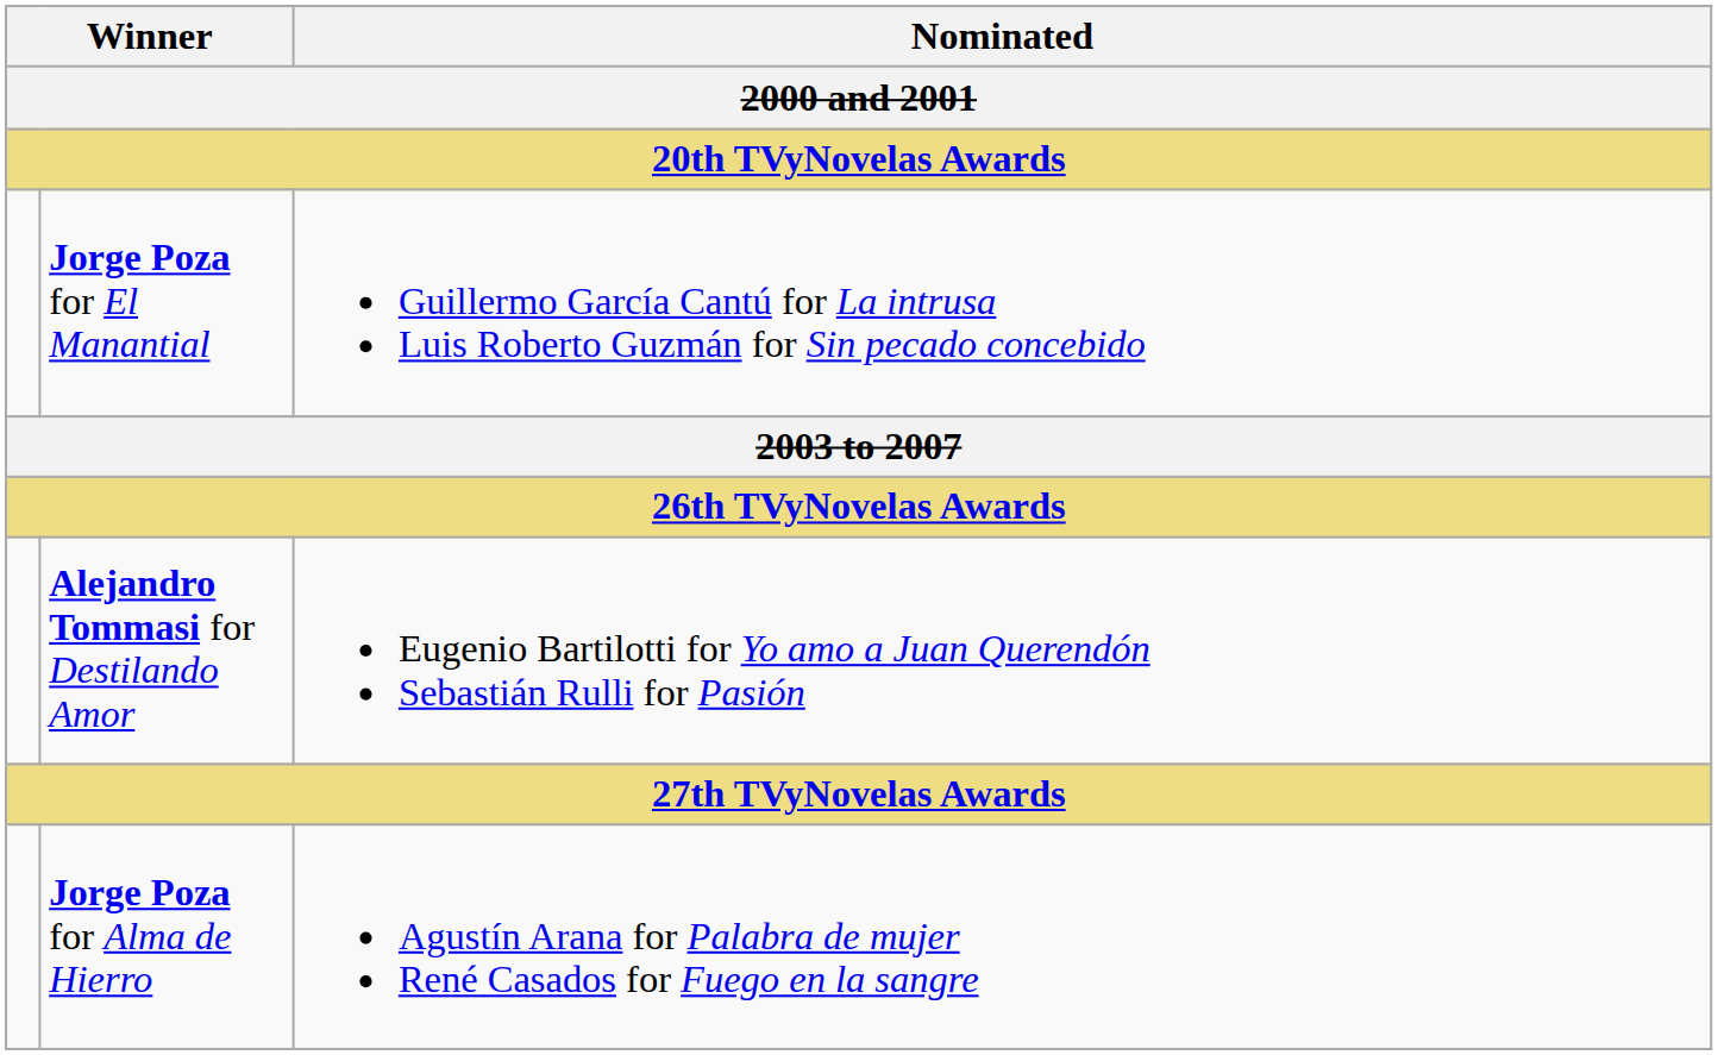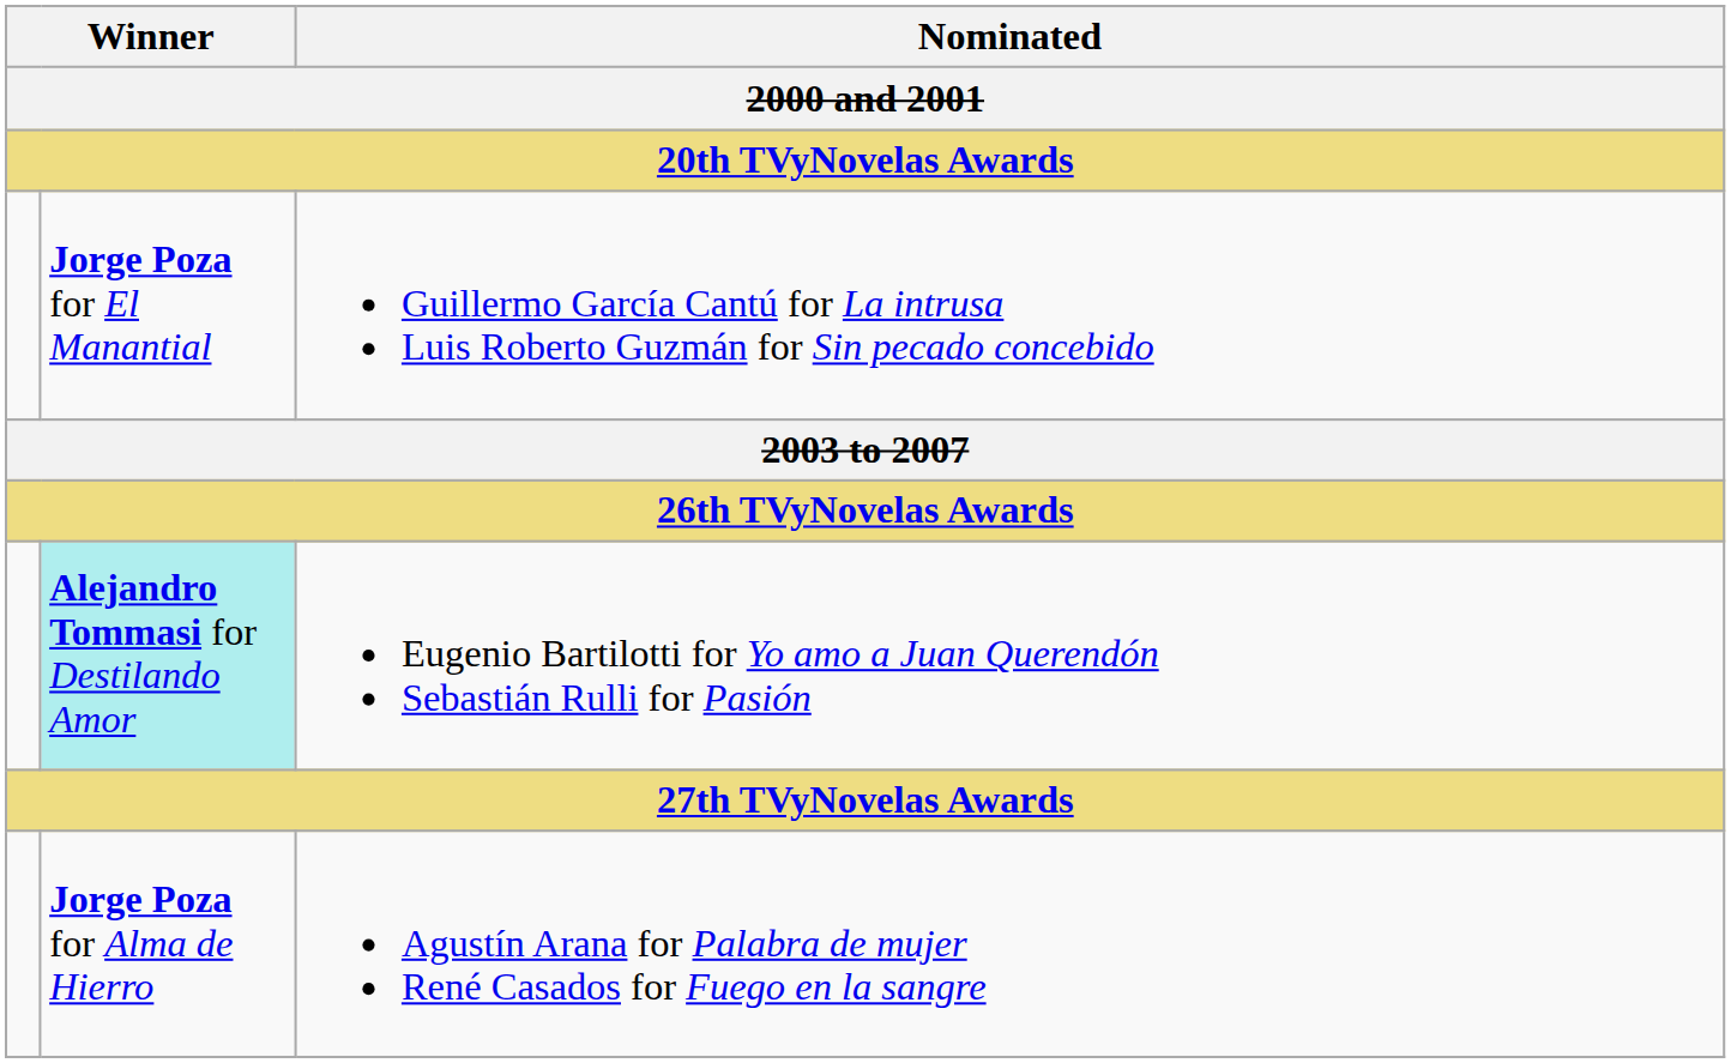 <table class="wikitable" width=80%>
 <tr align=center>
 <th width="150px;" colspan=2; align="center">Winner</th>
 <th width="580px;" align="center">Nominated</th>
 </tr>
 <tr>
 <th colspan=9 align="center"><s>2000 and 2001</s></th>
 </tr>
 <tr>
 <th colspan=9 style="background:#EEDD82;"  align="center"><strong><a href='#'>20th TVyNovelas Awards</a></strong></th>
 </tr>
 <tr>
 <td width=2%></td>
 <td><strong><a href='#'>Jorge Poza</a></strong> for <em><a href='#'>El Manantial</a></em></td>
 <td><br><ul><li><a href='#'>Guillermo García Cantú</a> for <em><a href='#'>La intrusa</a></em></li><li><a href='#'>Luis Roberto Guzmán</a> for <em><a href='#'>Sin pecado concebido</a></em></li></ul></td>
 </tr>
 <tr>
 <th colspan=9 align="center"><s>2003 to 2007</s></th>
 </tr>
 <tr>
 <th colspan=9 style="background:#EEDD82;"  align="center"><strong><a href='#'>26th TVyNovelas Awards</a></strong></th>
 </tr>
 <tr>
 <td width=2%></td>
-<td><strong><a href='#'>Alejandro Tommasi</a></strong> for <em><a href='#'>Destilando Amor</a></em></td>
+<td style="background: paleturquoise;"><strong><a href='#'>Alejandro Tommasi</a></strong> for <em><a href='#'>Destilando Amor</a></em></td>
 <td><br><ul><li>Eugenio Bartilotti for <em><a href='#'>Yo amo a Juan Querendón</a></em></li><li><a href='#'>Sebastián Rulli</a> for <em><a href='#'>Pasión</a></em></li></ul></td>
 </tr>
 <tr>
 <th colspan=9 style="background:#EEDD82;"  align="center"><strong><a href='#'>27th TVyNovelas Awards</a></strong></th>
 </tr>
 <tr>
 <td width=2%></td>
 <td><strong><a href='#'>Jorge Poza</a></strong> for <em><a href='#'>Alma de Hierro</a></em></td>
 <td><br><ul><li><a href='#'>Agustín Arana</a> for <em><a href='#'>Palabra de mujer</a></em></li><li><a href='#'>René Casados</a> for <em><a href='#'>Fuego en la sangre</a></em></li></ul></td>
 </tr>
 </table>
